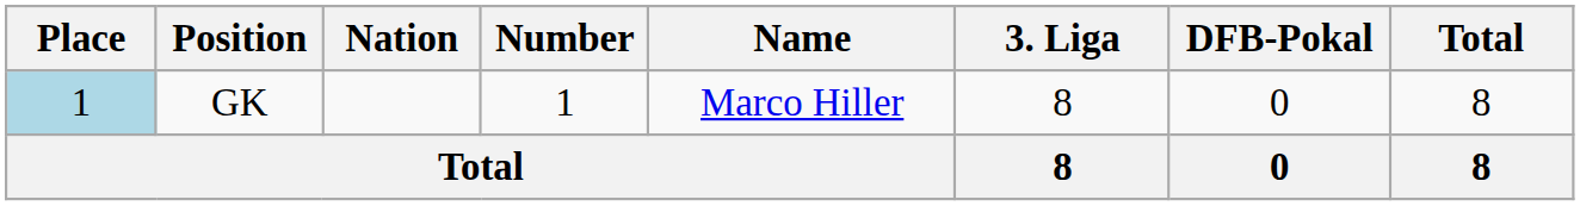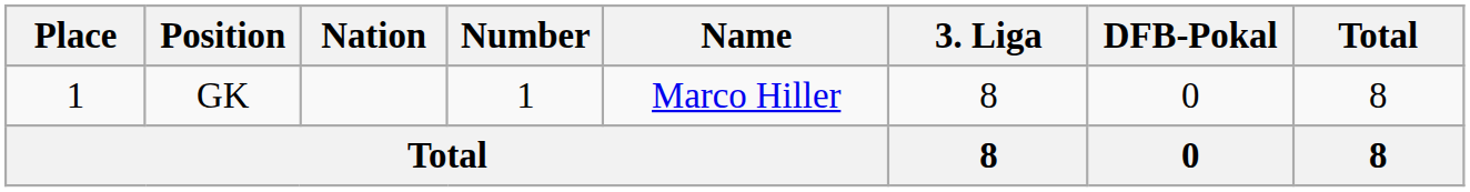 <table class="wikitable" style="font-size: 95%; text-align: center;">
 <tr>
 <th width=60>Place</th>
 <th width=60>Position</th>
 <th width=60>Nation</th>
 <th width=60>Number</th>
 <th width=150>Name</th>
 <th width=100>3. Liga</th>
 <th width=100>DFB-Pokal</th>
 <th width=80><strong>Total</strong></th>
 </tr>
 <tr>
-<td style="background: lightblue;">1</td>
+<td>1</td>
 <td>GK</td>
 <td></td>
 <td>1</td>
 <td><a href='#'>Marco Hiller</a></td>
 <td>8</td>
 <td>0</td>
 <td>8</td>
 </tr>
 <tr>
 <th colspan="5"><strong>Total</strong></th>
 <th>8</th>
 <th>0</th>
 <th><strong>8</strong></th>
 </tr>
 </table>
